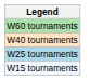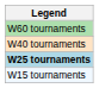 <table class="wikitable" style="font-size:85%">
 <tr>
 <th>Legend</th>
 </tr>
 <tr style="background:#addfad;">
 <td>W60 tournaments</td>
 </tr>
 <tr style="background:#ffe4c4;">
 <td>W40 tournaments</td>
 </tr>
 <tr style="background:lightblue;">
-<td>W25 tournaments</td>
+<td><strong>W25 tournaments</strong></td>
 </tr>
 <tr style="background:#f0f8ff;">
 <td>W15 tournaments</td>
 </tr>
 </table>
